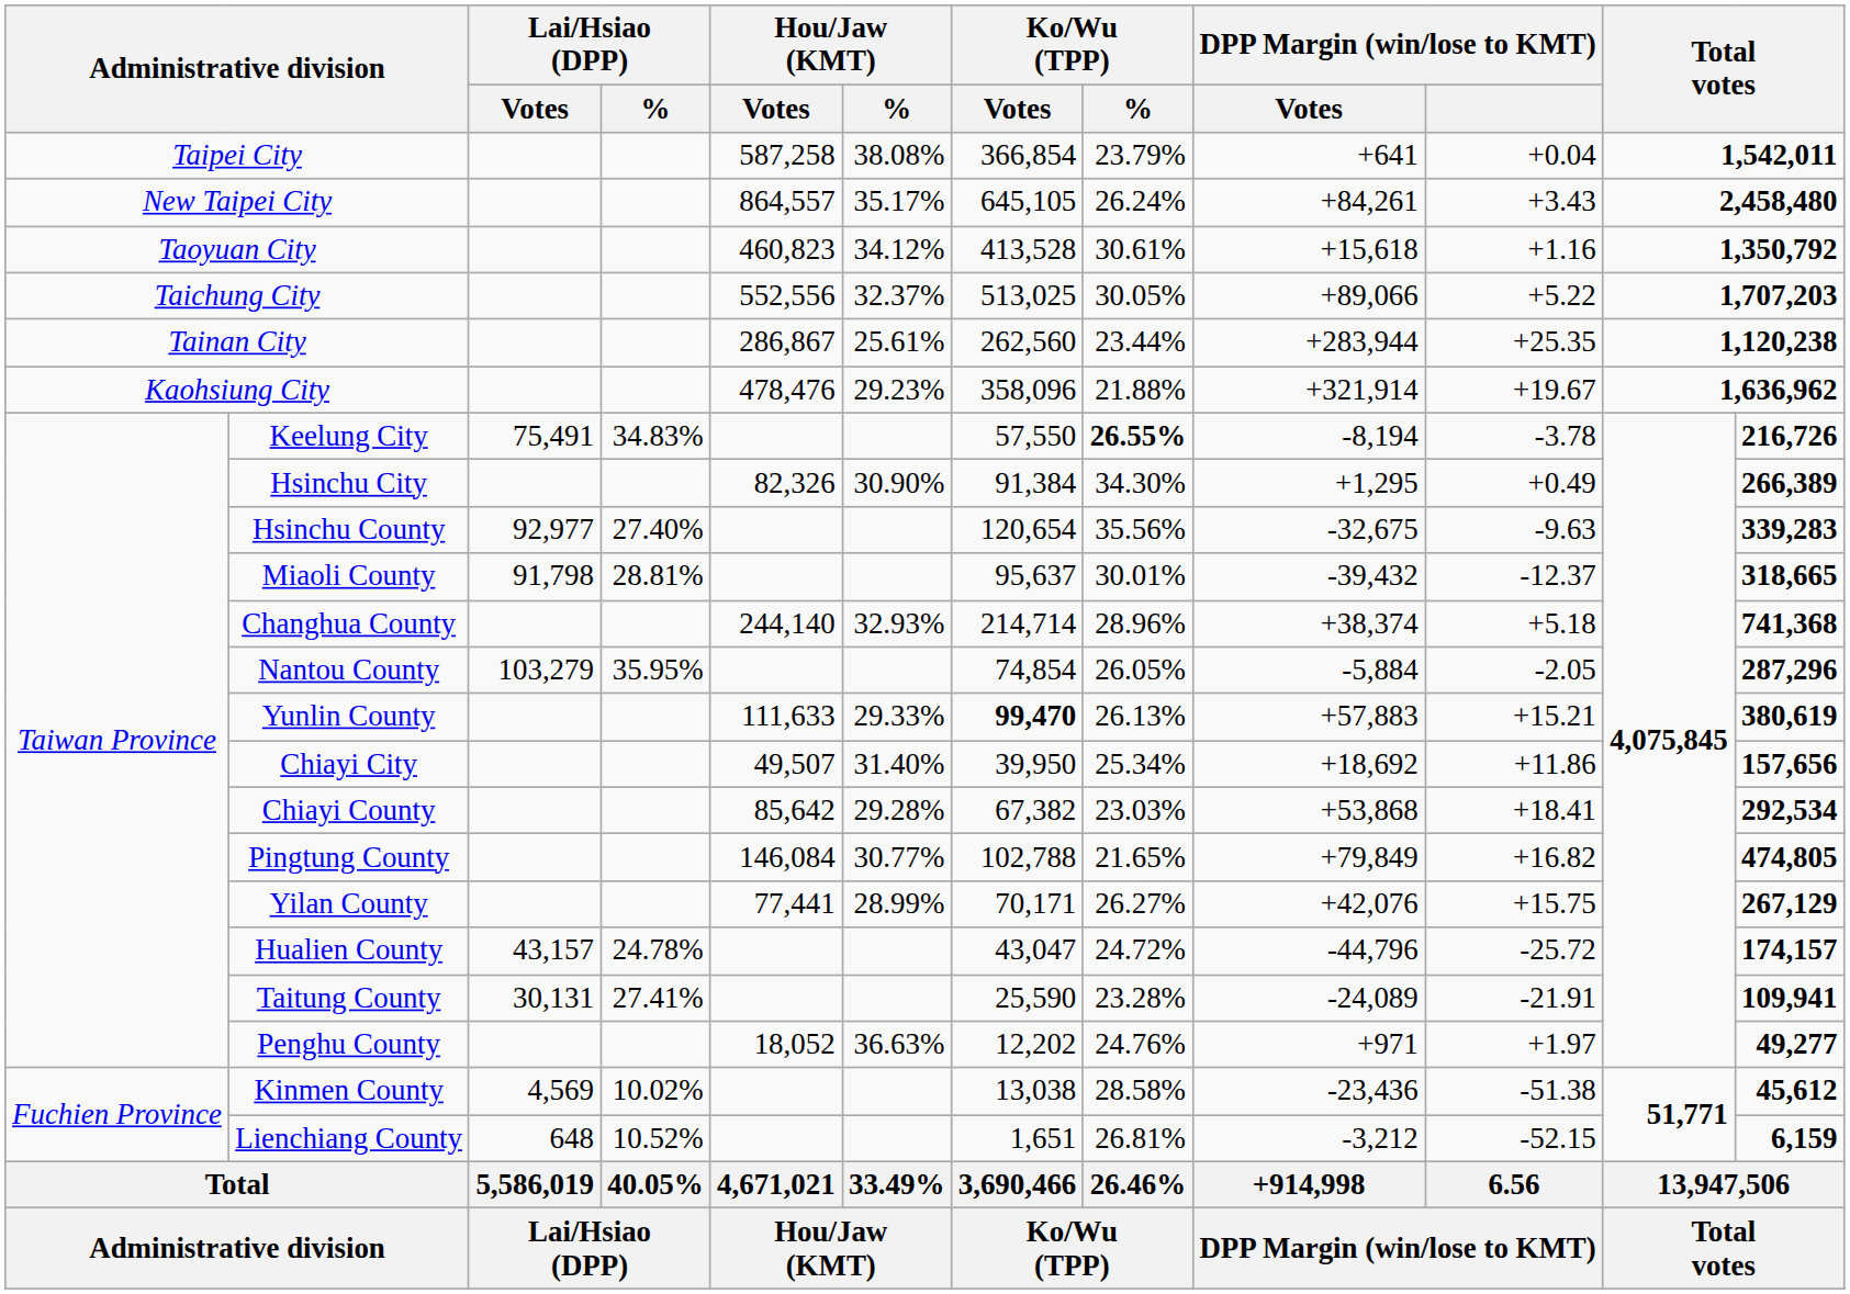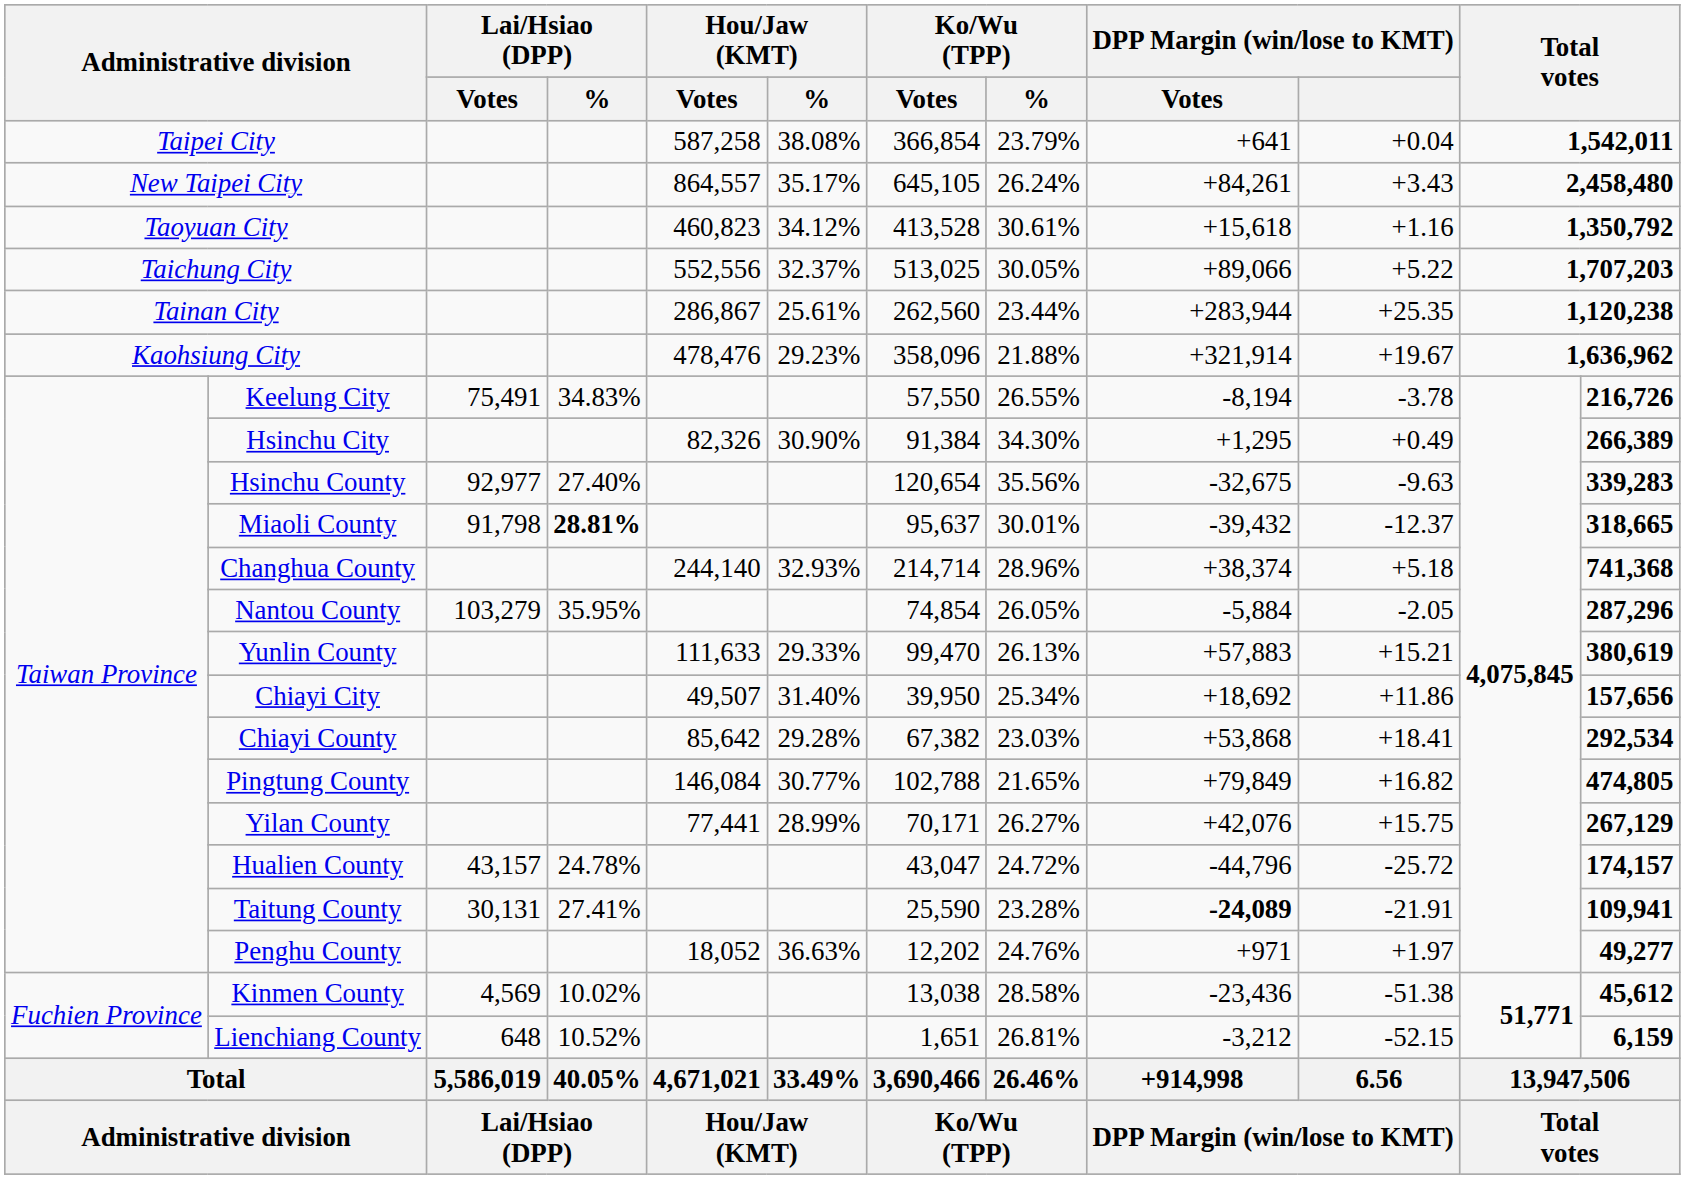 <table class="wikitable sortable">
 <tr>
 <th rowspan="2" colspan="2">Administrative division</th>
 <th colspan="2">Lai/Hsiao<br>(DPP)</th>
 <th colspan="2">Hou/Jaw<br>(KMT)</th>
 <th colspan="2">Ko/Wu<br>(TPP)</th>
 <th colspan="2">DPP Margin (win/lose to KMT)</th>
 <th rowspan="2" colspan="2">Total<br>votes</th>
 </tr>
 <tr>
 <th>Votes</th>
 <th>%</th>
 <th>Votes</th>
 <th>%</th>
 <th>Votes</th>
 <th>%</th>
 <th>Votes</th>
 <th></th>
 </tr>
 <tr>
 <td colspan="2" style="text-align:center;"><em><a href='#'>Taipei City</a></em></td>
 <td style="text-align:right; background:"><strong></strong></td>
 <td style="text-align:right; background:"><strong></strong></td>
 <td style="text-align:right; background:">587,258</td>
 <td style="text-align:right; background:">38.08%</td>
 <td style="text-align:right; background:">366,854</td>
 <td style="text-align:right; background:">23.79%</td>
 <td style="text-align:right; background:">+641</td>
 <td style="text-align:right; background:">+0.04</td>
 <td colspan="2" style="text-align:right; background:"><strong>1,542,011</strong></td>
 </tr>
 <tr>
 <td colspan="2" style="text-align:center;"><em><a href='#'>New Taipei City</a></em></td>
 <td style="text-align:right; background:"><strong></strong></td>
 <td style="text-align:right; background:"><strong></strong></td>
 <td style="text-align:right; background:">864,557</td>
 <td style="text-align:right; background:">35.17%</td>
 <td style="text-align:right; background:">645,105</td>
 <td style="text-align:right; background:">26.24%</td>
 <td style="text-align:right; background:">+84,261</td>
 <td style="text-align:right; background:">+3.43</td>
 <td colspan="2" style="text-align:right; background:"><strong>2,458,480</strong></td>
 </tr>
 <tr>
 <td colspan="2" style="text-align:center;"><em><a href='#'>Taoyuan City</a></em></td>
 <td style="text-align:right; background:"><strong></strong></td>
 <td style="text-align:right; background:"><strong></strong></td>
 <td style="text-align:right; background:">460,823</td>
 <td style="text-align:right; background:">34.12%</td>
 <td style="text-align:right; background:">413,528</td>
 <td style="text-align:right; background:">30.61%</td>
 <td style="text-align:right; background:">+15,618</td>
 <td style="text-align:right; background:">+1.16</td>
 <td colspan="2" style="text-align:right; background:"><strong>1,350,792</strong></td>
 </tr>
 <tr>
 <td colspan="2" style="text-align:center;"><em><a href='#'>Taichung City</a></em></td>
 <td style="text-align:right;  background:"><strong></strong></td>
 <td style="text-align:right;  background:"><strong></strong></td>
 <td style="text-align:right;  background:">552,556</td>
 <td style="text-align:right;  background:">32.37%</td>
 <td style="text-align:right;  background:">513,025</td>
 <td style="text-align:right;  background:">30.05%</td>
 <td style="text-align:right;  background:">+89,066</td>
 <td style="text-align:right;  background:">+5.22</td>
 <td colspan="2" style="text-align:right;  background:"><strong>1,707,203</strong></td>
 </tr>
 <tr>
 <td colspan="2" style="text-align:center;"><em><a href='#'>Tainan City</a></em></td>
 <td style="text-align:right; background:"><strong></strong></td>
 <td style="text-align:right; background:"><strong></strong></td>
 <td style="text-align:right; background:">286,867</td>
 <td style="text-align:right; background:">25.61%</td>
 <td style="text-align:right; background:">262,560</td>
 <td style="text-align:right; background:">23.44%</td>
 <td style="text-align:right; background:">+283,944</td>
 <td style="text-align:right; background:">+25.35</td>
 <td colspan="2" style="text-align:right; background:"><strong>1,120,238</strong></td>
 </tr>
 <tr>
 <td colspan="2" style="text-align:center;"><em><a href='#'>Kaohsiung City</a></em></td>
 <td style="text-align:right; background:"><strong></strong></td>
 <td style="text-align:right; background:"><strong></strong></td>
 <td style="text-align:right; background:">478,476</td>
 <td style="text-align:right; background:">29.23%</td>
 <td style="text-align:right; background:">358,096</td>
 <td style="text-align:right; background:">21.88%</td>
 <td style="text-align:right; background:">+321,914</td>
 <td style="text-align:right; background:">+19.67</td>
 <td colspan="2" style="text-align:right; background:"><strong>1,636,962</strong></td>
 </tr>
 <tr>
 <td rowspan="14" style="text-align:center;"><em><a href='#'>Taiwan Province</a></em></td>
 <td style="text-align:center;"><a href='#'>Keelung City</a></td>
 <td style="text-align:right; background:">75,491</td>
 <td style="text-align:right; background:">34.83%</td>
 <td style="text-align:right; background:"><strong></strong></td>
 <td style="text-align:right; background:"><strong></strong></td>
 <td style="text-align:right; background:">57,550</td>
-<td style="text-align:right; background:"><strong>26.55%</strong></td>
+<td style="text-align:right; background:">26.55%</td>
 <td style="text-align:right; background:">-8,194</td>
 <td style="text-align:right; background:">-3.78</td>
 <td rowspan="14" style="text-align:center;"><strong>4,075,845</strong></td>
 <td style="text-align:right; background:"><strong>216,726</strong></td>
 </tr>
 <tr>
 <td style="text-align:center;"><a href='#'>Hsinchu City</a></td>
 <td style="text-align:right; background:"><strong></strong></td>
 <td style="text-align:right; background:"><strong></strong></td>
 <td style="text-align:right; background:">82,326</td>
 <td style="text-align:right; background:">30.90%</td>
 <td style="text-align:right; background:">91,384</td>
 <td style="text-align:right; background:">34.30%</td>
 <td style="text-align:right; background:">+1,295</td>
 <td style="text-align:right; background:">+0.49</td>
 <td style="text-align:right; background:"><strong>266,389</strong></td>
 </tr>
 <tr>
 <td style="text-align:center;"><a href='#'>Hsinchu County</a></td>
 <td style="text-align:right; background:">92,977</td>
 <td style="text-align:right; background:">27.40%</td>
 <td style="text-align:right; background:"><strong></strong></td>
 <td style="text-align:right; background:"><strong></strong></td>
 <td style="text-align:right; background:">120,654</td>
 <td style="text-align:right; background:">35.56%</td>
 <td style="text-align:right; background:">-32,675</td>
 <td style="text-align:right; background:">-9.63</td>
 <td style="text-align:right; background:"><strong>339,283</strong></td>
 </tr>
 <tr>
 <td style="text-align:center;"><a href='#'>Miaoli County</a></td>
 <td style="text-align:right; background:">91,798</td>
-<td style="text-align:right; background:">28.81%</td>
+<td style="text-align:right; background:"><strong>28.81%</strong></td>
 <td style="text-align:right; background:"><strong></strong></td>
 <td style="text-align:right; background:"><strong></strong></td>
 <td style="text-align:right; background:">95,637</td>
 <td style="text-align:right; background:">30.01%</td>
 <td style="text-align:right; background:">-39,432</td>
 <td style="text-align:right; background:">-12.37</td>
 <td style="text-align:right; background:"><strong>318,665</strong></td>
 </tr>
 <tr>
 <td style="text-align:center;"><a href='#'>Changhua County</a></td>
 <td style="text-align:right; background:"><strong></strong></td>
 <td style="text-align:right; background:"><strong></strong></td>
 <td style="text-align:right; background:">244,140</td>
 <td style="text-align:right; background:">32.93%</td>
 <td style="text-align:right; background:">214,714</td>
 <td style="text-align:right; background:">28.96%</td>
 <td style="text-align:right; background:">+38,374</td>
 <td style="text-align:right; background:">+5.18</td>
 <td style="text-align:right; background:"><strong>741,368</strong></td>
 </tr>
 <tr>
 <td style="text-align:center;"><a href='#'>Nantou County</a></td>
 <td style="text-align:right; background:">103,279</td>
 <td style="text-align:right; background:">35.95%</td>
 <td style="text-align:right; background:"><strong></strong></td>
 <td style="text-align:right; background:"><strong></strong></td>
 <td style="text-align:right; background:">74,854</td>
 <td style="text-align:right; background:">26.05%</td>
 <td style="text-align:right; background:">-5,884</td>
 <td style="text-align:right; background:">-2.05</td>
 <td style="text-align:right; background:"><strong>287,296</strong></td>
 </tr>
 <tr>
 <td style="text-align:center;"><a href='#'>Yunlin County</a></td>
 <td style="text-align:right; background:"><strong></strong></td>
 <td style="text-align:right; background:"><strong></strong></td>
 <td style="text-align:right; background:">111,633</td>
 <td style="text-align:right; background:">29.33%</td>
-<td style="text-align:right; background:"><strong>99,470</strong></td>
+<td style="text-align:right; background:">99,470</td>
 <td style="text-align:right; background:">26.13%</td>
 <td style="text-align:right; background:">+57,883</td>
 <td style="text-align:right; background:">+15.21</td>
 <td style="text-align:right; background:"><strong>380,619</strong></td>
 </tr>
 <tr>
 <td style="text-align:center;"><a href='#'>Chiayi City</a></td>
 <td style="text-align:right; background:"><strong></strong></td>
 <td style="text-align:right; background:"><strong></strong></td>
 <td style="text-align:right; background:">49,507</td>
 <td style="text-align:right; background:">31.40%</td>
 <td style="text-align:right; background:">39,950</td>
 <td style="text-align:right; background:">25.34%</td>
 <td style="text-align:right; background:">+18,692</td>
 <td style="text-align:right; background:">+11.86</td>
 <td style="text-align:right; background:"><strong>157,656</strong></td>
 </tr>
 <tr>
 <td style="text-align:center;"><a href='#'>Chiayi County</a></td>
 <td style="text-align:right;  background:"><strong></strong></td>
 <td style="text-align:right;  background:"><strong></strong></td>
 <td style="text-align:right;  background:">85,642</td>
 <td style="text-align:right;  background:">29.28%</td>
 <td style="text-align:right;  background:">67,382</td>
 <td style="text-align:right;  background:">23.03%</td>
 <td style="text-align:right;  background:">+53,868</td>
 <td style="text-align:right;  background:">+18.41</td>
 <td style="text-align:right;  background:"><strong>292,534</strong></td>
 </tr>
 <tr>
 <td style="text-align:center;"><a href='#'>Pingtung County</a></td>
 <td style="text-align:right; background:"><strong></strong></td>
 <td style="text-align:right; background:"><strong></strong></td>
 <td style="text-align:right; background:">146,084</td>
 <td style="text-align:right; background:">30.77%</td>
 <td style="text-align:right; background:">102,788</td>
 <td style="text-align:right; background:">21.65%</td>
 <td style="text-align:right; background:">+79,849</td>
 <td style="text-align:right; background:">+16.82</td>
 <td style="text-align:right; background:"><strong>474,805</strong></td>
 </tr>
 <tr>
 <td style="text-align:center;"><a href='#'>Yilan County</a></td>
 <td style="text-align:right; background:"><strong></strong></td>
 <td style="text-align:right; background:"><strong></strong></td>
 <td style="text-align:right; background:">77,441</td>
 <td style="text-align:right; background:">28.99%</td>
 <td style="text-align:right; background:">70,171</td>
 <td style="text-align:right; background:">26.27%</td>
 <td style="text-align:right; background:">+42,076</td>
 <td style="text-align:right; background:">+15.75</td>
 <td style="text-align:right; background:"><strong>267,129</strong></td>
 </tr>
 <tr>
 <td style="text-align:center;"><a href='#'>Hualien County</a></td>
 <td style="text-align:right; background:">43,157</td>
 <td style="text-align:right; background:">24.78%</td>
 <td style="text-align:right; background:"><strong></strong></td>
 <td style="text-align:right; background:"><strong></strong></td>
 <td style="text-align:right; background:">43,047</td>
 <td style="text-align:right; background:">24.72%</td>
 <td style="text-align:right; background:">-44,796</td>
 <td style="text-align:right; background:">-25.72</td>
 <td style="text-align:right; background:"><strong>174,157</strong></td>
 </tr>
 <tr>
 <td style="text-align:center;"><a href='#'>Taitung County</a></td>
 <td style="text-align:right; background:">30,131</td>
 <td style="text-align:right; background:">27.41%</td>
 <td style="text-align:right; background:"><strong></strong></td>
 <td style="text-align:right; background:"><strong></strong></td>
 <td style="text-align:right; background:">25,590</td>
 <td style="text-align:right; background:">23.28%</td>
-<td style="text-align:right; background:">-24,089</td>
+<td style="text-align:right; background:"><strong>-24,089</strong></td>
 <td style="text-align:right; background:">-21.91</td>
 <td style="text-align:right; background:"><strong>109,941</strong></td>
 </tr>
 <tr>
 <td style="text-align:center;"><a href='#'>Penghu County</a></td>
 <td style="text-align:right; background:"><strong></strong></td>
 <td style="text-align:right; background:"><strong></strong></td>
 <td style="text-align:right; background:">18,052</td>
 <td style="text-align:right; background:">36.63%</td>
 <td style="text-align:right; background:">12,202</td>
 <td style="text-align:right; background:">24.76%</td>
 <td style="text-align:right; background:">+971</td>
 <td style="text-align:right; background:">+1.97</td>
 <td style="text-align:right; background:"><strong>49,277</strong></td>
 </tr>
 <tr>
 <td rowspan="2" style="text-align:center;"><em><a href='#'>Fuchien Province</a></em></td>
 <td style="text-align:center;"><a href='#'>Kinmen County</a></td>
 <td style="text-align:right; background:">4,569</td>
 <td style="text-align:right; background:">10.02%</td>
 <td style="text-align:right; background:"><strong></strong></td>
 <td style="text-align:right; background:"><strong></strong></td>
 <td style="text-align:right; background:">13,038</td>
 <td style="text-align:right; background:">28.58%</td>
 <td style="text-align:right; background:">-23,436</td>
 <td style="text-align:right; background:">-51.38</td>
 <td rowspan="2" style="text-align:right; background:"><strong>51,771</strong></td>
 <td style="text-align:right; background:"><strong>45,612</strong></td>
 </tr>
 <tr>
 <td style="text-align:center;"><a href='#'>Lienchiang County</a></td>
 <td style="text-align:right; background:">648</td>
 <td style="text-align:right; background:">10.52%</td>
 <td style="text-align:right; background:"><strong></strong></td>
 <td style="text-align:right; background:"><strong></strong></td>
 <td style="text-align:right; background:">1,651</td>
 <td style="text-align:right; background:">26.81%</td>
 <td style="text-align:right; background:">-3,212</td>
 <td style="text-align:right; background:">-52.15</td>
 <td style="text-align:right; background:"><strong>6,159</strong></td>
 </tr>
 <tr>
 <th colspan="2">Total</th>
 <th>5,586,019</th>
 <th>40.05%</th>
 <th>4,671,021</th>
 <th>33.49%</th>
 <th>3,690,466</th>
 <th>26.46%</th>
 <th>+914,998</th>
 <th>6.56</th>
 <th colspan="2">13,947,506</th>
 </tr>
 <tr>
 <th colspan="2">Administrative division</th>
 <th colspan="2">Lai/Hsiao<br>(DPP)</th>
 <th colspan="2">Hou/Jaw<br>(KMT)</th>
 <th colspan="2">Ko/Wu<br>(TPP)</th>
 <th colspan="2">DPP Margin (win/lose to KMT)</th>
 <th colspan="2">Total<br>votes</th>
 </tr>
 </table>
